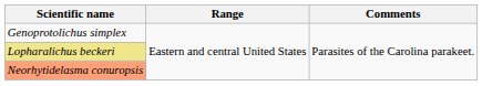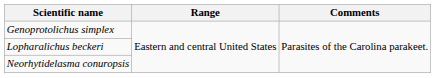 <table class="wikitable sortable">
 <tr>
 <th>Scientific name</th>
 <th>Range</th>
 <th class="unsortable">Comments</th>
 </tr>
 <tr>
 <td><em>Genoprotolichus simplex</em></td>
 <td rowspan="3">Eastern and central United States</td>
 <td rowspan="3">Parasites of the Carolina parakeet.</td>
 </tr>
 <tr>
-<td style="background: khaki;"><em>Lopharalichus beckeri</em></td>
+<td><em>Lopharalichus beckeri</em></td>
 </tr>
 <tr>
-<td style="background: lightsalmon;"><em>Neorhytidelasma conuropsis</em></td>
+<td><em>Neorhytidelasma conuropsis</em></td>
 </tr>
 </table>
